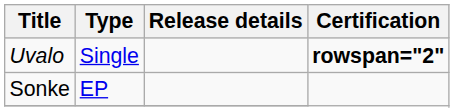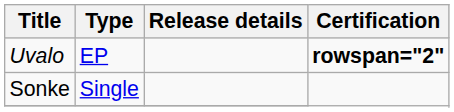 <table class="wikitable">
 <tr>
 <th>Title</th>
 <th>Type</th>
 <th>Release details</th>
 <th>Certification</th>
 </tr>
 <tr>
 <td><em>Uvalo</em></td>
-<td><a href='#'>Single</a></td>
+<td><a href='#'>EP</a></td>
 <td></td>
 <td><strong>rowspan="2" </strong></td>
 </tr>
 <tr>
 <td>Sonke</td>
-<td><a href='#'>EP</a></td>
+<td><a href='#'>Single</a></td>
 <td></td>
 </tr>
 <tr>
 </tr>
 </table>
